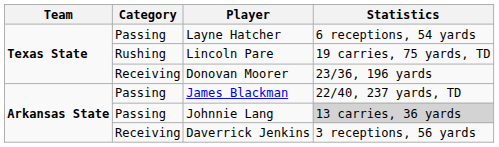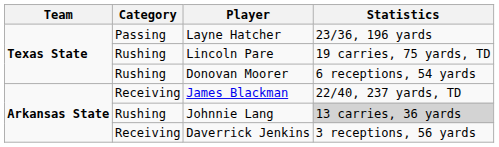 <table class="wikitable" style="float: left;">
 <tr>
 <th>Team</th>
 <th>Category</th>
 <th>Player</th>
 <th>Statistics</th>
 </tr>
 <tr>
 <td rowspan=3><strong>Texas State</strong></td>
 <td>Passing</td>
 <td>Layne Hatcher</td>
-<td>6 receptions, 54 yards</td>
+<td>23/36, 196 yards</td>
 </tr>
 <tr>
 <td>Rushing</td>
 <td>Lincoln Pare</td>
 <td>19 carries, 75 yards, TD</td>
 </tr>
 <tr>
-<td>Receiving</td>
+<td>Rushing</td>
 <td>Donovan Moorer</td>
-<td>23/36, 196 yards</td>
+<td>6 receptions, 54 yards</td>
 </tr>
 <tr>
 <td rowspan=3><strong>Arkansas State</strong></td>
-<td>Passing</td>
+<td>Receiving</td>
 <td><a href='#'>James Blackman</a></td>
 <td>22/40, 237 yards, TD</td>
 </tr>
 <tr>
-<td>Passing</td>
+<td>Rushing</td>
 <td>Johnnie Lang</td>
 <td style="background: lightgrey;">13 carries, 36 yards</td>
 </tr>
 <tr>
 <td>Receiving</td>
 <td>Daverrick Jenkins</td>
 <td>3 receptions, 56 yards</td>
 </tr>
 </table>
